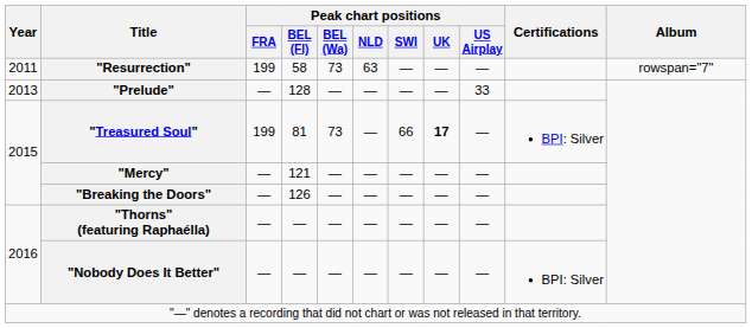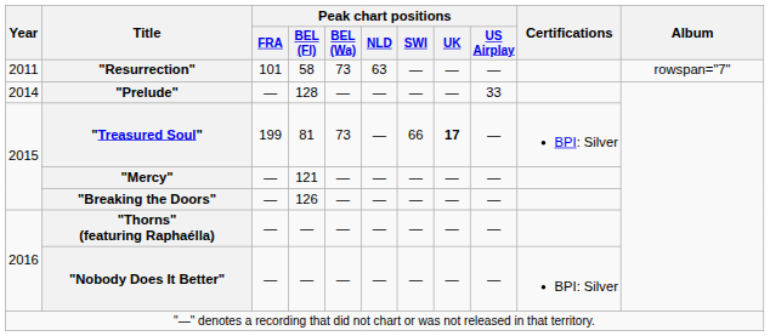 <table class="wikitable plainrowheaders" style="text-align:center;">
 <tr>
 <th scope="col" rowspan="2" style="width:1em;">Year</th>
 <th scope="col" rowspan="2" style="width:15em;">Title</th>
 <th colspan="7">Peak chart positions</th>
 <th scope="col" rowspan="2">Certifications</th>
 <th scope="col" rowspan="2" style="width:10em;">Album</th>
 </tr>
 <tr>
 <th scope="col" style="width:2.5em;font-size:90%;"><a href='#'>FRA</a><br></th>
 <th scope="col" style="width:2.5em;font-size:90%;"><a href='#'>BEL (Fl)</a><br></th>
 <th scope="col" style="width:2.5em;font-size:90%;"><a href='#'>BEL (Wa)</a><br></th>
 <th scope="col" style="width:2.5em;font-size:90%;"><a href='#'>NLD</a><br></th>
 <th scope="col" style="width:2.5em;font-size:90%;"><a href='#'>SWI</a><br></th>
 <th scope="col" style="width:2.5em;font-size:90%;"><a href='#'>UK</a><br></th>
 <th scope="col" style="width:2.5em;font-size:90%;"><a href='#'>US Airplay</a><br></th>
 </tr>
 <tr>
 <td>2011</td>
 <th scope="row">"Resurrection"</th>
-<td>199</td>
+<td>101</td>
 <td>58</td>
 <td>73</td>
 <td>63</td>
 <td>—</td>
 <td>—</td>
 <td>—</td>
 <td></td>
 <td>rowspan="7" </td>
 </tr>
 <tr>
-<td>2013</td>
+<td>2014</td>
 <th scope="row">"Prelude"</th>
 <td>—</td>
 <td>128</td>
 <td>—</td>
 <td>—</td>
 <td>—</td>
 <td>—</td>
 <td>33</td>
 <td></td>
 </tr>
 <tr>
 <td rowspan="3">2015</td>
 <th scope="row">"<a href='#'>Treasured Soul</a>"</th>
 <td>199</td>
 <td>81</td>
 <td>73</td>
 <td>—</td>
 <td>66</td>
 <td><strong>17</strong></td>
 <td>—</td>
 <td><br><ul><li><a href='#'>BPI</a>: Silver</li></ul></td>
 </tr>
 <tr>
 <th scope="row">"Mercy"</th>
 <td>—</td>
 <td>121</td>
 <td>—</td>
 <td>—</td>
 <td>—</td>
 <td>—</td>
 <td>—</td>
 <td></td>
 </tr>
 <tr>
 <th scope="row">"Breaking the Doors"</th>
 <td>—</td>
 <td>126</td>
 <td>—</td>
 <td>—</td>
 <td>—</td>
 <td>—</td>
 <td>—</td>
 <td></td>
 </tr>
 <tr>
 <td rowspan=2>2016</td>
 <th scope="row">"Thorns" <br><span>(featuring Raphaélla)</span></th>
 <td>—</td>
 <td>—</td>
 <td>—</td>
 <td>—</td>
 <td>—</td>
 <td>—</td>
 <td>—</td>
 <td></td>
 </tr>
 <tr>
 <th scope="row">"Nobody Does It Better"</th>
 <td>—</td>
 <td>—</td>
 <td>—</td>
 <td>—</td>
 <td>—</td>
 <td>—</td>
 <td>—</td>
 <td><br><ul><li>BPI: Silver</li></ul></td>
 </tr>
 <tr>
 <td colspan="11" style="font-size:90%">"—" denotes a recording that did not chart or was not released in that territory.</td>
 </tr>
 </table>
